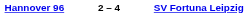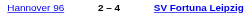 <table width=100% cellspacing=1>
 <tr>
 <th width=25%></th>
 <th width=10%></th>
 <th width=25%></th>
 <th></th>
 </tr>
 <tr style=font-size:90%>
-<td align=right><strong><a href='#'>Hannover 96</a></strong></td>
+<td align=right><a href='#'>Hannover 96</a></td>
 <td align=center><strong>2 – 4</strong></td>
 <td><strong><a href='#'>SV Fortuna Leipzig</a></strong></td>
 </tr>
 </table>
